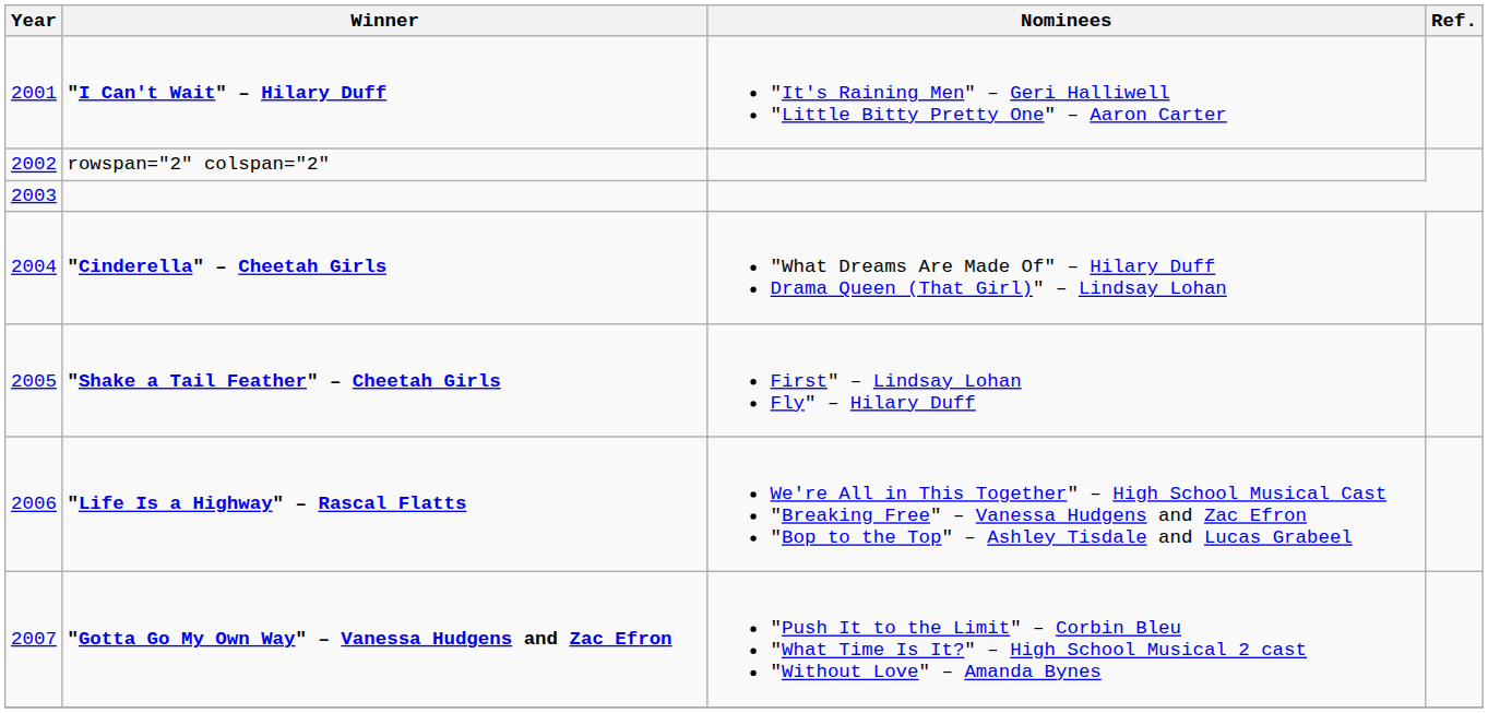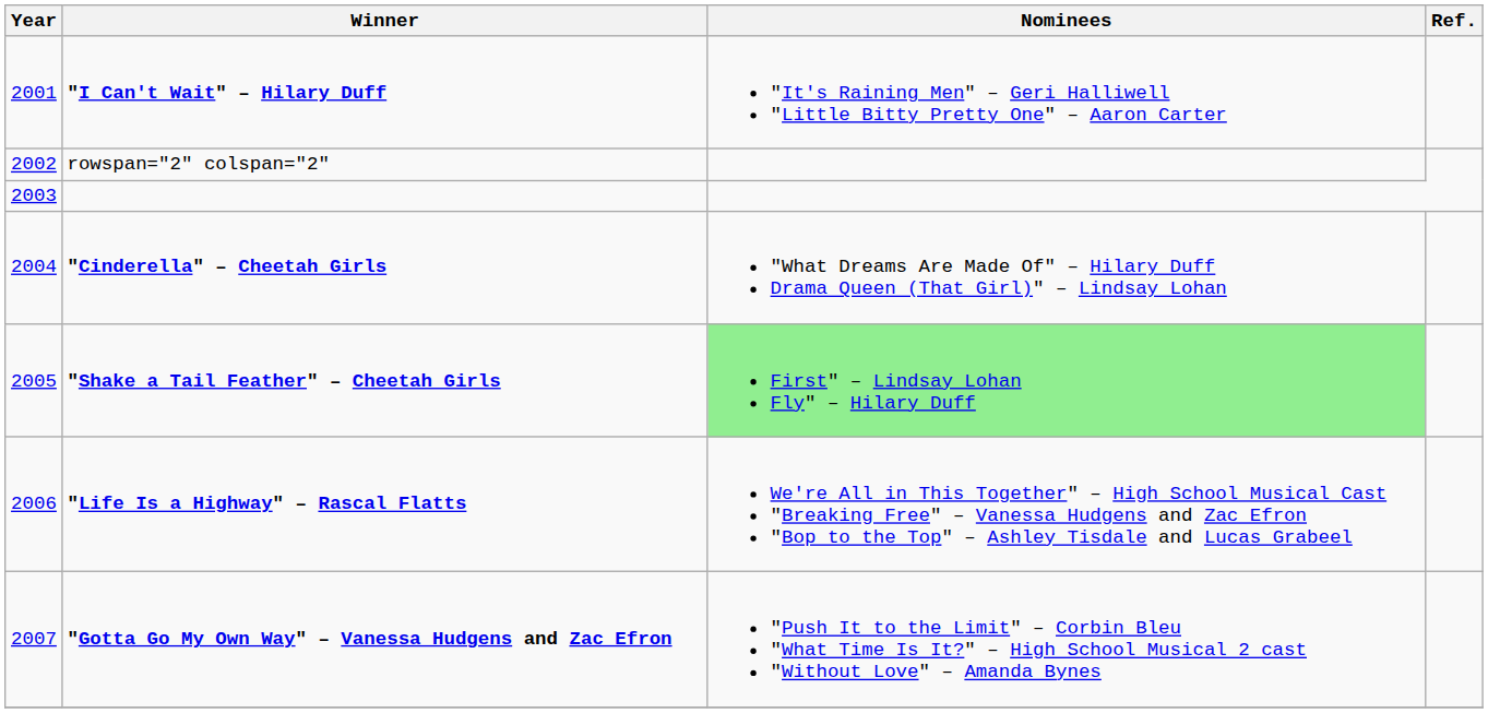 <table class="wikitable" width=80%>
 <tr>
 <th>Year</th>
 <th>Winner</th>
 <th>Nominees</th>
 <th>Ref.</th>
 </tr>
 <tr>
 <td align="center"><a href='#'>2001</a></td>
 <td><strong>"<a href='#'>I Can't Wait</a>" – <a href='#'>Hilary Duff</a></strong></td>
 <td><br><ul><li>"<a href='#'>It's Raining Men</a>" – <a href='#'>Geri Halliwell</a></li><li>"<a href='#'>Little Bitty Pretty One</a>" – <a href='#'>Aaron Carter</a></li></ul></td>
 <td align="center"></td>
 </tr>
 <tr>
 <td align="center"><a href='#'>2002</a></td>
 <td>rowspan="2" colspan="2" </td>
 <td align="center"></td>
 </tr>
 <tr>
 <td align="center"><a href='#'>2003</a></td>
 <td align="center"></td>
 </tr>
 <tr>
 <td align="center"><a href='#'>2004</a></td>
 <td><strong>"<a href='#'>Cinderella</a>" – <a href='#'>Cheetah Girls</a></strong></td>
 <td><br><ul><li>"What Dreams Are Made Of" – <a href='#'>Hilary Duff</a></li><li><a href='#'>Drama Queen (That Girl)</a>" – <a href='#'>Lindsay Lohan</a></li></ul></td>
 <td align="center"></td>
 </tr>
 <tr>
 <td align="center"><a href='#'>2005</a></td>
 <td><strong>"<a href='#'>Shake a Tail Feather</a>" – <a href='#'>Cheetah Girls</a></strong></td>
-<td><br><ul><li><a href='#'>First</a>" – <a href='#'>Lindsay Lohan</a></li><li><a href='#'>Fly</a>" – <a href='#'>Hilary Duff</a></li></ul></td>
+<td style="background: lightgreen;"><br><ul><li><a href='#'>First</a>" – <a href='#'>Lindsay Lohan</a></li><li><a href='#'>Fly</a>" – <a href='#'>Hilary Duff</a></li></ul></td>
 <td align="center"></td>
 </tr>
 <tr>
 <td align="center"><a href='#'>2006</a></td>
 <td><strong>"<a href='#'>Life Is a Highway</a>" – <a href='#'>Rascal Flatts</a></strong></td>
 <td><br><ul><li><a href='#'>We're All in This Together</a>" – <a href='#'>High School Musical Cast</a></li><li>"<a href='#'>Breaking Free</a>" – <a href='#'>Vanessa Hudgens</a> and <a href='#'>Zac Efron</a></li><li>"<a href='#'>Bop to the Top</a>" – <a href='#'>Ashley Tisdale</a> and <a href='#'>Lucas Grabeel</a></li></ul></td>
 <td align="center"></td>
 </tr>
 <tr>
 <td align="center"><a href='#'>2007</a></td>
 <td><strong>"<a href='#'>Gotta Go My Own Way</a>" – <a href='#'>Vanessa Hudgens</a> and <a href='#'>Zac Efron</a></strong></td>
 <td><br><ul><li>"<a href='#'>Push It to the Limit</a>" – <a href='#'>Corbin Bleu</a></li><li>"<a href='#'>What Time Is It?</a>" – <a href='#'>High School Musical 2 cast</a></li><li>"<a href='#'>Without Love</a>" – <a href='#'>Amanda Bynes</a></li></ul></td>
 <td align="center"></td>
 </tr>
 <tr>
 </tr>
 </table>
